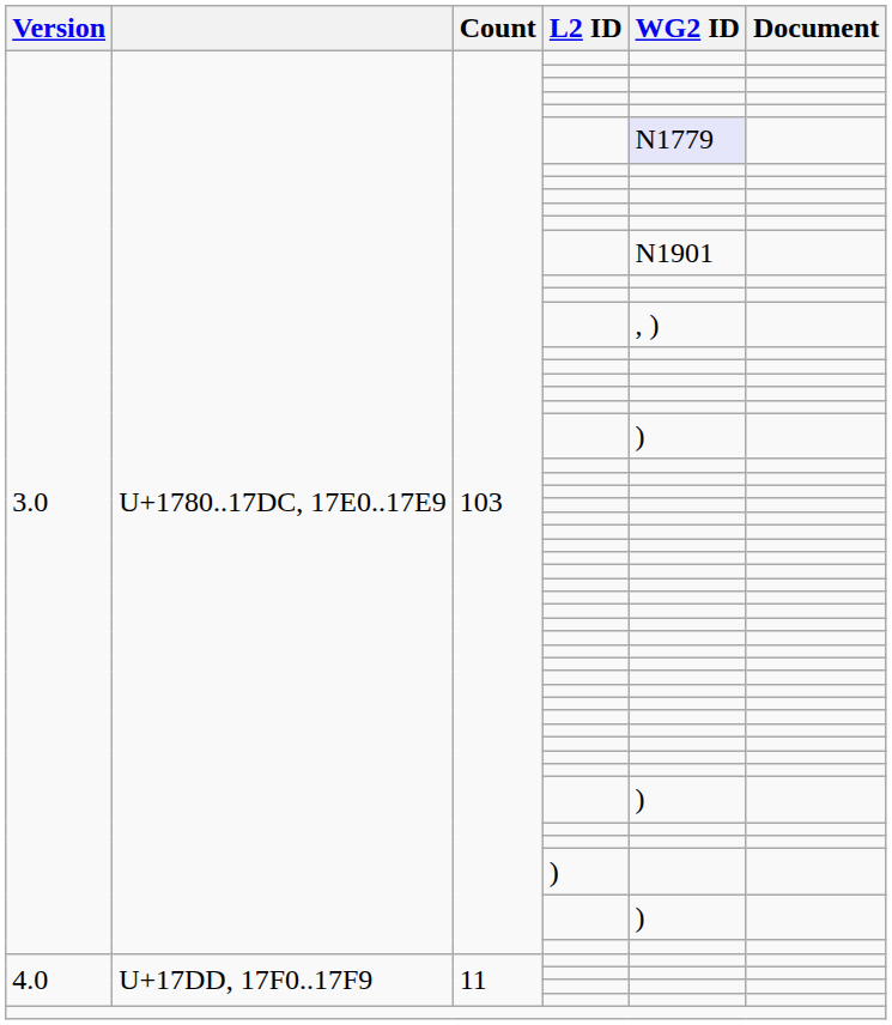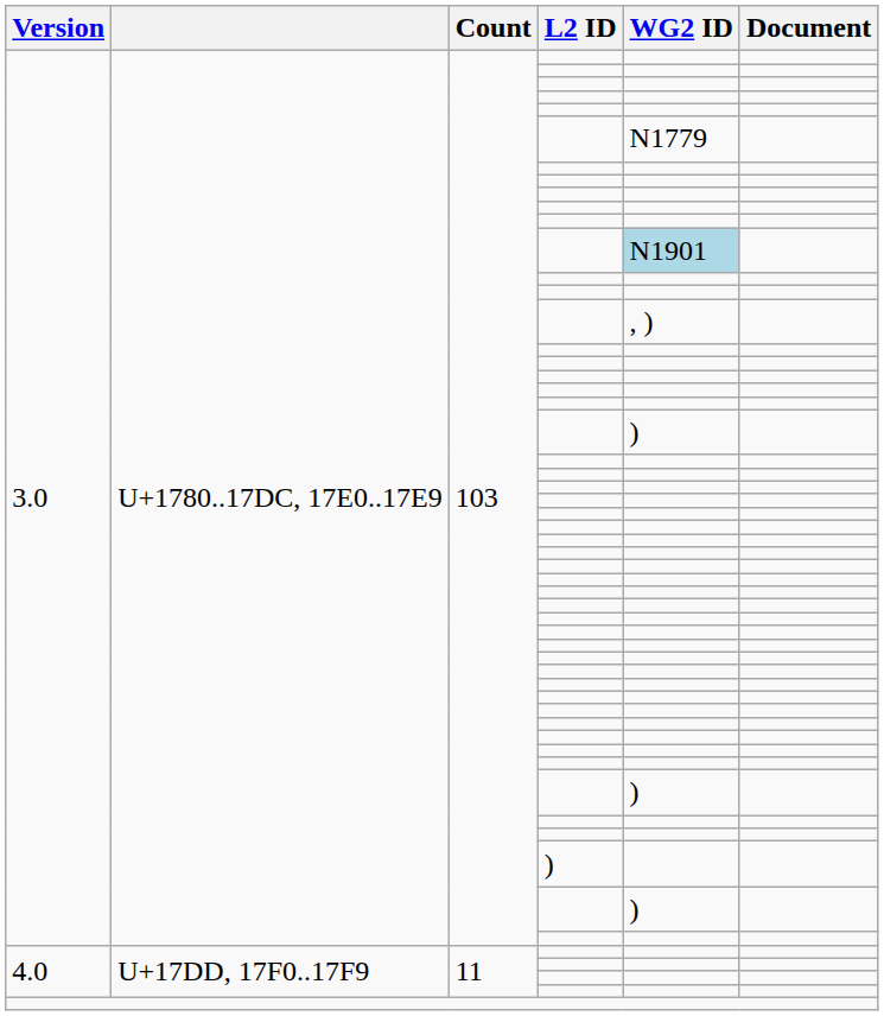 <table class="wikitable collapsible sticky-header">
 <tr>
 <th><a href='#'>Version</a></th>
 <th></th>
 <th>Count</th>
 <th><a href='#'>L2</a> ID</th>
 <th><a href='#'>WG2</a> ID</th>
 <th>Document</th>
 </tr>
 <tr>
 <td rowspan="51">3.0</td>
 <td rowspan="51">U+1780..17DC, 17E0..17E9</td>
 <td rowspan="51">103</td>
 <td></td>
 <td></td>
 <td></td>
 </tr>
 <tr>
 <td></td>
 <td></td>
 <td></td>
 </tr>
 <tr>
 <td></td>
 <td></td>
 <td></td>
 </tr>
 <tr>
 <td></td>
 <td></td>
 <td></td>
 </tr>
 <tr>
 <td></td>
 <td></td>
 <td></td>
 </tr>
 <tr>
 <td></td>
-<td style="background: lavender;">N1779</td>
+<td>N1779</td>
 <td></td>
 </tr>
 <tr>
 <td></td>
 <td></td>
 <td></td>
 </tr>
 <tr>
 <td></td>
 <td></td>
 <td></td>
 </tr>
 <tr>
 <td></td>
 <td></td>
 <td></td>
 </tr>
 <tr>
 <td></td>
 <td></td>
 <td></td>
 </tr>
 <tr>
 <td></td>
 <td></td>
 <td></td>
 </tr>
 <tr>
 <td></td>
-<td>N1901</td>
+<td style="background: lightblue;">N1901</td>
 <td></td>
 </tr>
 <tr>
 <td></td>
 <td></td>
 <td></td>
 </tr>
 <tr>
 <td></td>
 <td></td>
 <td></td>
 </tr>
 <tr>
 <td></td>
 <td> , )</td>
 <td></td>
 </tr>
 <tr>
 <td></td>
 <td></td>
 <td></td>
 </tr>
 <tr>
 <td></td>
 <td></td>
 <td></td>
 </tr>
 <tr>
 <td></td>
 <td></td>
 <td></td>
 </tr>
 <tr>
 <td></td>
 <td></td>
 <td></td>
 </tr>
 <tr>
 <td></td>
 <td></td>
 <td></td>
 </tr>
 <tr>
 <td></td>
 <td> )</td>
 <td></td>
 </tr>
 <tr>
 <td></td>
 <td></td>
 <td></td>
 </tr>
 <tr>
 <td></td>
 <td></td>
 <td></td>
 </tr>
 <tr>
 <td></td>
 <td></td>
 <td></td>
 </tr>
 <tr>
 <td></td>
 <td></td>
 <td></td>
 </tr>
 <tr>
 <td></td>
 <td></td>
 <td></td>
 </tr>
 <tr>
 <td></td>
 <td></td>
 <td></td>
 </tr>
 <tr>
 <td></td>
 <td></td>
 <td></td>
 </tr>
 <tr>
 <td></td>
 <td></td>
 <td></td>
 </tr>
 <tr>
 <td></td>
 <td></td>
 <td></td>
 </tr>
 <tr>
 <td></td>
 <td></td>
 <td></td>
 </tr>
 <tr>
 <td></td>
 <td></td>
 <td></td>
 </tr>
 <tr>
 <td></td>
 <td></td>
 <td></td>
 </tr>
 <tr>
 <td></td>
 <td></td>
 <td></td>
 </tr>
 <tr>
 <td></td>
 <td></td>
 <td></td>
 </tr>
 <tr>
 <td></td>
 <td></td>
 <td></td>
 </tr>
 <tr>
 <td></td>
 <td></td>
 <td></td>
 </tr>
 <tr>
 <td></td>
 <td></td>
 <td></td>
 </tr>
 <tr>
 <td></td>
 <td></td>
 <td></td>
 </tr>
 <tr>
 <td></td>
 <td></td>
 <td></td>
 </tr>
 <tr>
 <td></td>
 <td></td>
 <td></td>
 </tr>
 <tr>
 <td></td>
 <td></td>
 <td></td>
 </tr>
 <tr>
 <td></td>
 <td></td>
 <td></td>
 </tr>
 <tr>
 <td></td>
 <td></td>
 <td></td>
 </tr>
 <tr>
 <td></td>
 <td></td>
 <td></td>
 </tr>
 <tr>
 <td></td>
 <td> )</td>
 <td></td>
 </tr>
 <tr>
 <td></td>
 <td></td>
 <td></td>
 </tr>
 <tr>
 <td></td>
 <td></td>
 <td></td>
 </tr>
 <tr>
 <td> )</td>
 <td></td>
 <td></td>
 </tr>
 <tr>
 <td></td>
 <td> )</td>
 <td></td>
 </tr>
 <tr>
 <td></td>
 <td></td>
 <td></td>
 </tr>
 <tr>
 <td rowspan="4">4.0</td>
 <td rowspan="4">U+17DD, 17F0..17F9</td>
 <td rowspan="4">11</td>
 <td></td>
 <td></td>
 <td></td>
 </tr>
 <tr>
 <td></td>
 <td></td>
 <td></td>
 </tr>
 <tr>
 <td></td>
 <td></td>
 <td></td>
 </tr>
 <tr>
 <td></td>
 <td></td>
 <td></td>
 </tr>
 <tr class="sortbottom">
 <td colspan="6"></td>
 </tr>
 </table>
